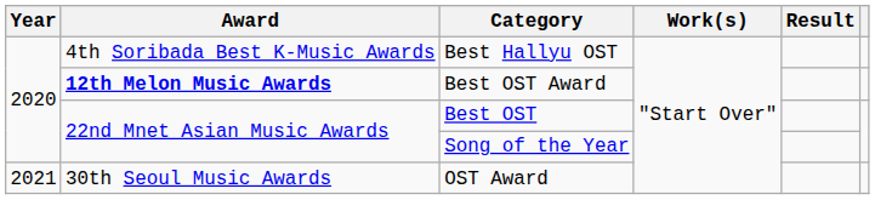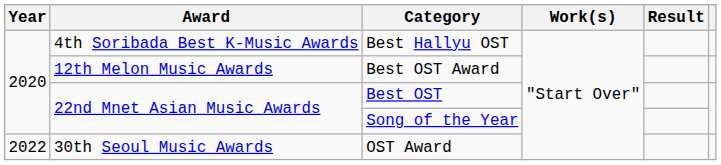 <table class="wikitable sortable plainrowheaders">
 <tr style="background:#ccc; text-align:center;">
 <th scope="col">Year</th>
 <th scope="col">Award</th>
 <th scope="col">Category</th>
 <th scope="col">Work(s)</th>
 <th scope="col">Result</th>
 <th scope="col" class="unsortable"></th>
 </tr>
 <tr>
 <td rowspan=4>2020</td>
 <td>4th <a href='#'>Soribada Best K-Music Awards</a></td>
 <td>Best <a href='#'>Hallyu</a> OST</td>
 <td rowspan=5>"Start Over"</td>
 <td></td>
 <td></td>
 </tr>
 <tr>
-<td><strong><a href='#'>12th Melon Music Awards</a></strong></td>
+<td><a href='#'>12th Melon Music Awards</a></td>
 <td>Best OST Award</td>
 <td></td>
 <td></td>
 </tr>
 <tr>
 <td rowspan=2><a href='#'>22nd Mnet Asian Music Awards</a></td>
 <td><a href='#'>Best OST</a></td>
 <td></td>
 <td rowspan=2></td>
 </tr>
 <tr>
 <td><a href='#'>Song of the Year</a></td>
 <td></td>
 </tr>
 <tr>
-<td rowspan=1>2021</td>
+<td rowspan=1>2022</td>
 <td>30th <a href='#'>Seoul Music Awards</a></td>
 <td>OST Award</td>
 <td></td>
 <td></td>
 </tr>
 </table>
